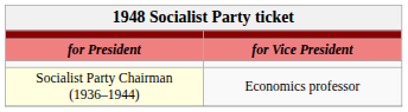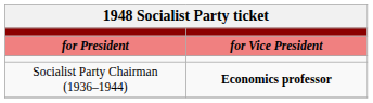 <table class="wikitable" style="font-size:90%; text-align:center;">
 <tr>
 <td style="background:#f1f1f1;" colspan="30"><big><strong>1948 Socialist Party ticket</strong></big></td>
 </tr>
 <tr>
 <th style="width:3em; font-size:135%; background:#8B0000; width:200px;"><a href='#'></a></th>
 <th style="width:3em; font-size:135%; background:#8B0000; width:200px;"><a href='#'></a></th>
 </tr>
 <tr style="color:#000; font-size:100%; background:#F08080;">
 <td style="width:3em; width:200px;"><strong><em>for President</em></strong></td>
 <td style="width:3em; width:200px;"><strong><em>for Vice President</em></strong></td>
 </tr>
 <tr>
 <td></td>
 <td></td>
 </tr>
 <tr>
-<td style="background: lightyellow;">Socialist Party Chairman<br>(1936–1944)</td>
-<td>Economics professor</td>
+<td>Socialist Party Chairman<br>(1936–1944)</td>
+<td><strong>Economics professor</strong></td>
 </tr>
 <tr>
 </tr>
 </table>
